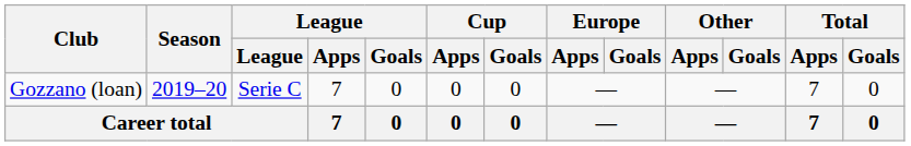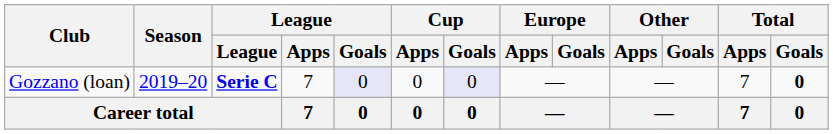 <table class="wikitable" style="text-align: center;">
 <tr>
 <th rowspan="2">Club</th>
 <th rowspan="2">Season</th>
 <th colspan="3">League</th>
 <th colspan="2">Cup</th>
 <th colspan="2">Europe</th>
 <th colspan="2">Other</th>
 <th colspan="2">Total</th>
 </tr>
 <tr>
 <th>League</th>
 <th>Apps</th>
 <th>Goals</th>
 <th>Apps</th>
 <th>Goals</th>
 <th>Apps</th>
 <th>Goals</th>
 <th>Apps</th>
 <th>Goals</th>
 <th>Apps</th>
 <th>Goals</th>
 </tr>
 <tr>
 <td><a href='#'>Gozzano</a> (loan)</td>
 <td><a href='#'>2019–20</a></td>
-<td><a href='#'>Serie C</a></td>
+<td><strong><a href='#'>Serie C</a></strong></td>
 <td>7</td>
+<td style="background: lavender;">0</td>
 <td>0</td>
-<td>0</td>
-<td>0</td>
+<td style="background: lavender;">0</td>
 <td colspan="2">—</td>
 <td colspan="2">—</td>
 <td>7</td>
-<td>0</td>
+<td><strong>0</strong></td>
 </tr>
 <tr>
 <th colspan="3">Career total</th>
 <th>7</th>
 <th>0</th>
 <th>0</th>
 <th>0</th>
 <th colspan="2">—</th>
 <th colspan="2">—</th>
 <th>7</th>
 <th>0</th>
 </tr>
 </table>
